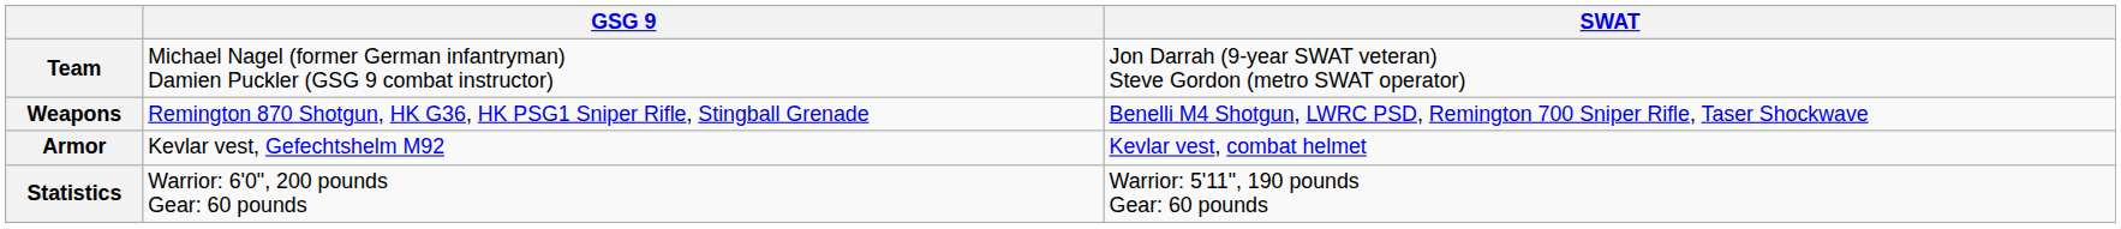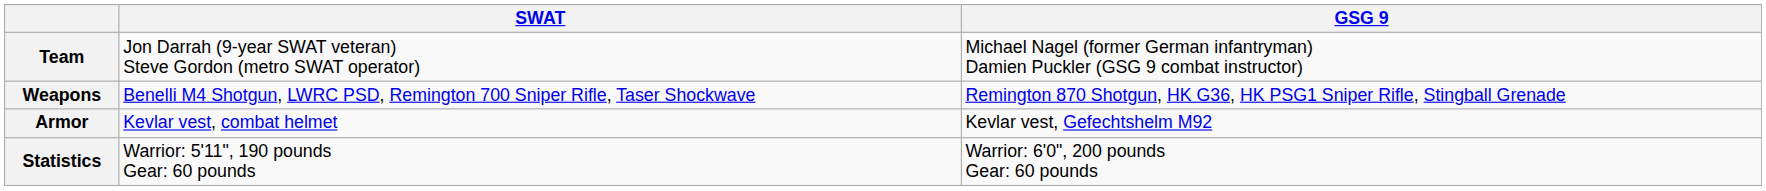 <table class="wikitable unsortable" ; style="width: 100%">
 <tr>
 <th></th>
+<th><strong><a href='#'>SWAT</a></strong></th>
 <th><strong><a href='#'>GSG 9</a></strong></th>
-<th><strong><a href='#'>SWAT</a></strong></th>
 </tr>
 <tr>
 <th>Team</th>
+<td>Jon Darrah (9-year SWAT veteran)<br>Steve Gordon (metro SWAT operator)</td>
 <td>Michael Nagel (former German infantryman)<br>Damien Puckler (GSG 9 combat instructor)</td>
-<td>Jon Darrah (9-year SWAT veteran)<br>Steve Gordon (metro SWAT operator)</td>
 </tr>
 <tr>
 <th>Weapons</th>
+<td><a href='#'>Benelli M4 Shotgun</a>, <a href='#'>LWRC PSD</a>, <a href='#'>Remington 700 Sniper Rifle</a>, <a href='#'>Taser Shockwave</a></td>
 <td><a href='#'>Remington 870 Shotgun</a>, <a href='#'>HK G36</a>, <a href='#'>HK PSG1 Sniper Rifle</a>, <a href='#'>Stingball Grenade</a></td>
-<td><a href='#'>Benelli M4 Shotgun</a>, <a href='#'>LWRC PSD</a>, <a href='#'>Remington 700 Sniper Rifle</a>, <a href='#'>Taser Shockwave</a></td>
 </tr>
 <tr>
 <th>Armor</th>
+<td><a href='#'>Kevlar vest</a>, <a href='#'>combat helmet</a></td>
 <td>Kevlar vest, <a href='#'>Gefechtshelm M92</a></td>
-<td><a href='#'>Kevlar vest</a>, <a href='#'>combat helmet</a></td>
 </tr>
 <tr>
 <th>Statistics</th>
+<td>Warrior: 5'11", 190 pounds<br>Gear: 60 pounds</td>
 <td>Warrior: 6'0", 200 pounds<br>Gear: 60 pounds</td>
-<td>Warrior: 5'11", 190 pounds<br>Gear: 60 pounds</td>
 </tr>
 </table>
